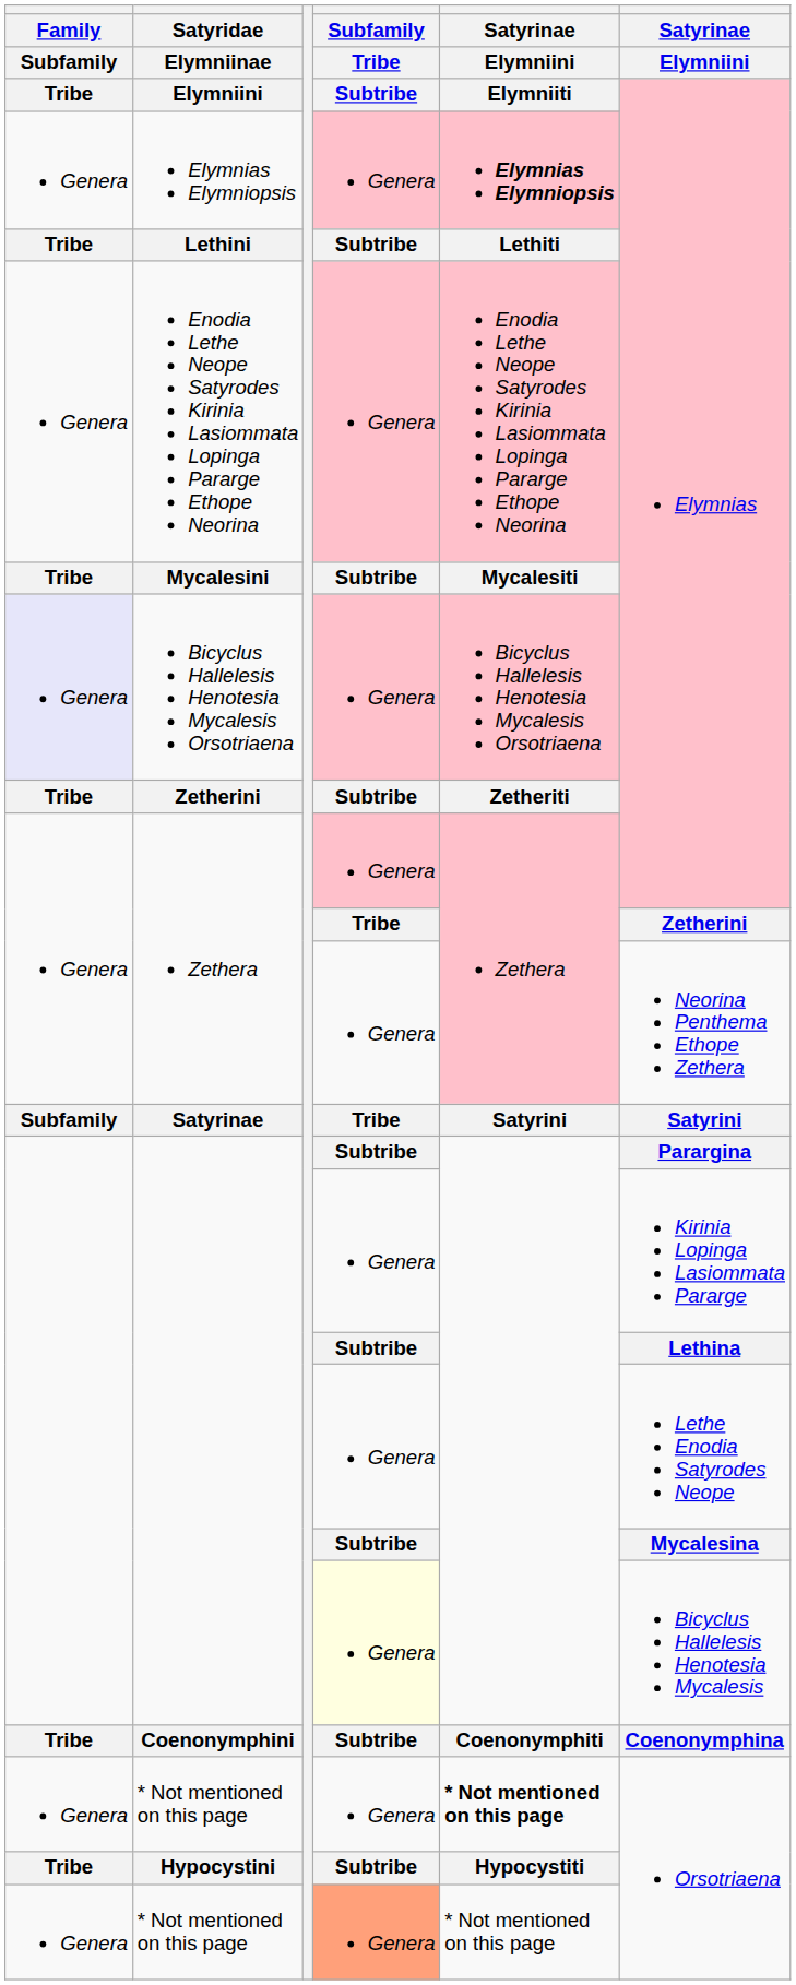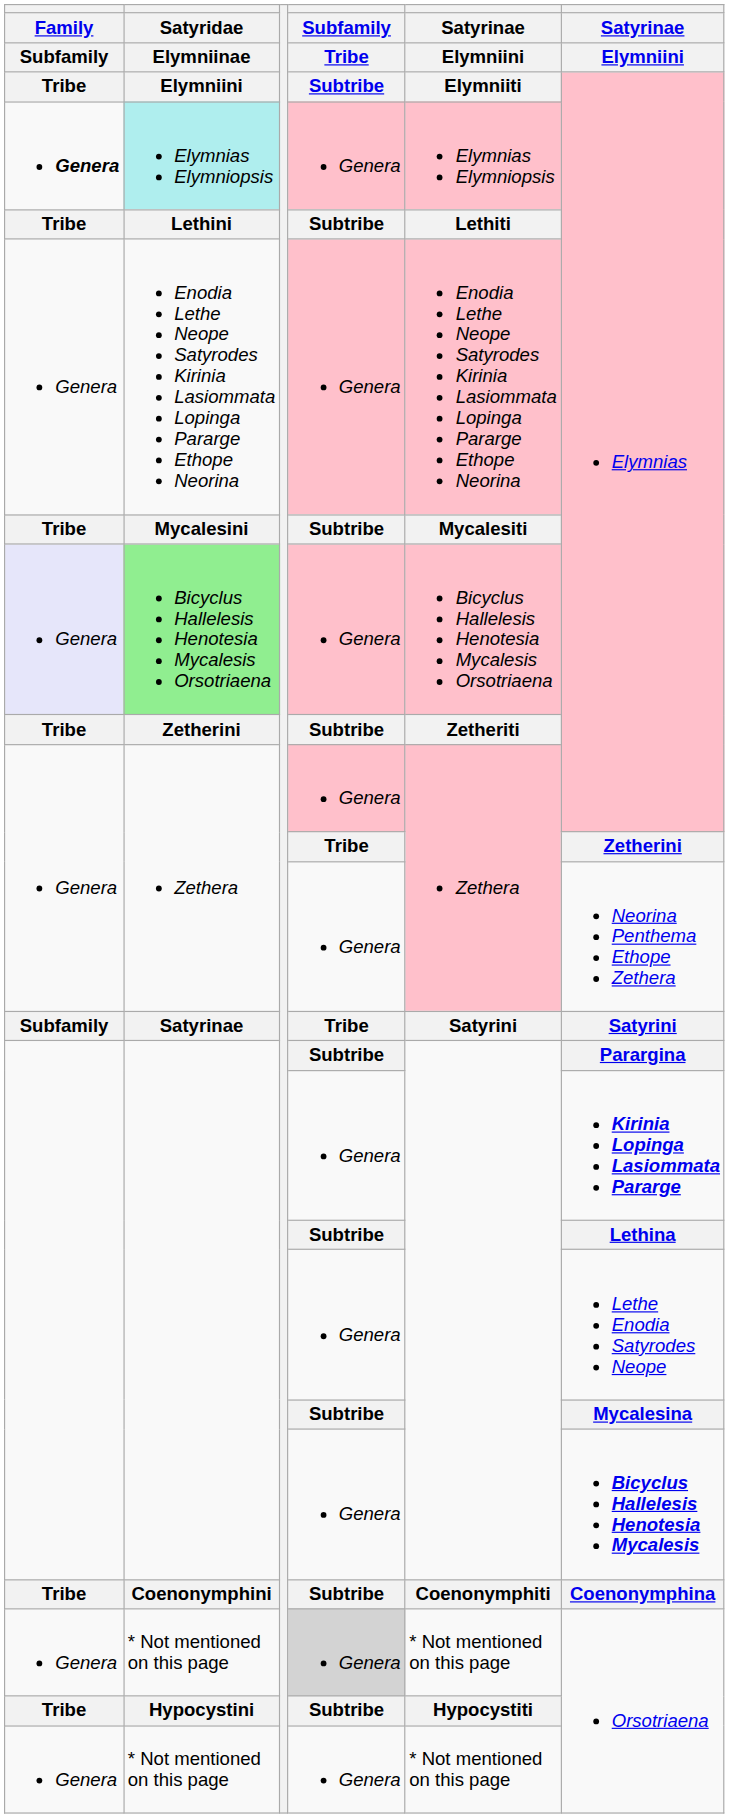 <table class = "wikitable mw-collapsible mw-collapsed" style = "width:77%">
 <tr>
 <th style="width:1%" style="background-color:#b0c4de"></th>
 <th ! style="width:24%" style="background-color:#b0c4de"></th>
 <th rowspan = "50" style="width:1%"></th>
 <th style="width:1%"style="background-color:#b0c4de"　></th>
 <th ! style="width:25%" style="background-color:#b0c4de"></th>
 <th ! style="width:25%" style="background-color:#b0c4de"></th>
 </tr>
 <tr>
 <th style="width:2%" style="background-color:#008b8b"><a href='#'>Family</a></th>
 <th ! style="width:25%" style="background-color:#008b8b">Satyridae</th>
 <th style="width:2%" style="background-color:#3cb371"><a href='#'>Subfamily</a></th>
 <th ! style="width:25%" style="background-color:#3cb371">Satyrinae</th>
 <th ! style="width:25%" style="background-color:#3cb371"><a href='#'>Satyrinae</a></th>
 </tr>
 <tr>
 <th style="width:2%" style="background-color:#3cb371">Subfamily</th>
 <th ! style="width:25%" style="background-color:#3cb371">Elymniinae</th>
 <th style="width:2%" style="background-color:#ff1493"><a href='#'>Tribe</a></th>
 <th ! style="width:25%" style="background-color:#ff1493">Elymniini</th>
 <th ! style="width:25%" style="background-color:#ff1493"><a href='#'>Elymniini</a></th>
 </tr>
 <tr>
 <th style="width:2%" style="background-color:#98fb98">Tribe</th>
 <th ! style="width:25%" style="background-color:#98fb98">Elymniini</th>
 <th style="width:2%" style="background-color:#ff69b4"><a href='#'>Subtribe</a></th>
 <th ! style="width:25%" style="background-color:#ff69b4">Elymniiti</th>
 <td rowspan="8" style="width:25%; background-color:#ffc0cb"><br><ul><li><em><a href='#'>Elymnias</a></em></li></ul></td>
 </tr>
 <tr>
-<td><br><ul><li><em>Genera</em></li></ul></td>
-<td><br><ul><li><em>Elymnias</em></li><li><em>Elymniopsis</em></li></ul></td>
+<td><strong><br><ul><li><em>Genera</em></li></ul></strong></td>
+<td style="background: paleturquoise;"><br><ul><li><em>Elymnias</em></li><li><em>Elymniopsis</em></li></ul></td>
 <td style="background-color:#ffc0cb"><br><ul><li><em>Genera</em></li></ul></td>
-<td style="background-color:#ffc0cb"><strong><br><ul><li><em>Elymnias</em></li><li><em>Elymniopsis</em></li></ul></strong></td>
+<td style="background-color:#ffc0cb"><br><ul><li><em>Elymnias</em></li><li><em>Elymniopsis</em></li></ul></td>
 </tr>
 <tr>
 <th style="width:2%" style="background-color:#98fb98">Tribe</th>
 <th ! style="width:25%" style="background-color:#98fb98">Lethini</th>
 <th style="width:2%" style="background-color:#ff69b4">Subtribe</th>
 <th ! style="width:25%" style="background-color:#ff69b4">Lethiti</th>
 </tr>
 <tr>
 <td><br><ul><li><em>Genera</em></li></ul></td>
 <td><br><ul><li><em>Enodia</em></li><li><em>Lethe</em></li><li><em>Neope</em></li><li><em>Satyrodes</em></li><li><em>Kirinia</em></li><li><em>Lasiommata</em></li><li><em>Lopinga</em></li><li><em>Pararge</em></li><li><em>Ethope</em></li><li><em>Neorina</em></li></ul></td>
 <td style="background-color:#ffc0cb"><br><ul><li><em>Genera</em></li></ul></td>
 <td style="background-color:#ffc0cb"><br><ul><li><em>Enodia</em></li><li><em>Lethe</em></li><li><em>Neope</em></li><li><em>Satyrodes</em></li><li><em>Kirinia</em></li><li><em>Lasiommata</em></li><li><em>Lopinga</em></li><li><em>Pararge</em></li><li><em>Ethope</em></li><li><em>Neorina</em></li></ul></td>
 </tr>
 <tr>
 <th style="width:2%" style="background-color:#98fb98">Tribe</th>
 <th ! style="width:25%" style="background-color:#98fb98">Mycalesini</th>
 <th style="width:2%" style="background-color:#ff69b4">Subtribe</th>
 <th ! style="width:25%" style="background-color:#ff69b4">Mycalesiti</th>
 </tr>
 <tr>
 <td style="background: lavender;"><br><ul><li><em>Genera</em></li></ul></td>
-<td><br><ul><li><em>Bicyclus</em></li><li><em>Hallelesis</em></li><li><em>Henotesia</em></li><li><em>Mycalesis</em></li><li><em>Orsotriaena</em></li></ul></td>
+<td style="background: lightgreen;"><br><ul><li><em>Bicyclus</em></li><li><em>Hallelesis</em></li><li><em>Henotesia</em></li><li><em>Mycalesis</em></li><li><em>Orsotriaena</em></li></ul></td>
 <td style="background-color:#ffc0cb"><br><ul><li><em>Genera</em></li></ul></td>
 <td style="background-color:#ffc0cb"><br><ul><li><em>Bicyclus</em></li><li><em>Hallelesis</em></li><li><em>Henotesia</em></li><li><em>Mycalesis</em></li><li><em>Orsotriaena</em></li></ul></td>
 </tr>
 <tr>
 <th style="width:2%" style="background-color:#98fb98">Tribe</th>
 <th ! style="width:25%" style="background-color:#98fb98">Zetherini</th>
 <th style="width:2%" style="background-color:#ff69b4">Subtribe</th>
 <th ! style="width:25%" style="background-color:#ff69b4">Zetheriti</th>
 </tr>
 <tr>
 <td rowspan="3"><br><ul><li><em>Genera</em></li></ul></td>
 <td rowspan="3"><br><ul><li><em>Zethera</em></li></ul></td>
 <td style="background-color:#ffc0cb"><br><ul><li><em>Genera</em></li></ul></td>
 <td rowspan="3" style="background-color:#ffc0cb"><br><ul><li><em>Zethera</em></li></ul></td>
 </tr>
 <tr>
 <th style="width:2%" style="background-color:#98fb98">Tribe</th>
 <th ! style="width:25%" style="background-color:#98fb98"><a href='#'>Zetherini</a></th>
 </tr>
 <tr>
 <td><br><ul><li><em>Genera</em></li></ul></td>
 <td><br><ul><li><em><a href='#'>Neorina</a></em></li><li><em><a href='#'>Penthema</a></em></li><li><em><a href='#'>Ethope</a></em></li><li><em><a href='#'>Zethera</a></em></li></ul></td>
 </tr>
 <tr>
 <th style="width:2%" style="background-color:#3cb371">Subfamily</th>
 <th ! style="width:25%" style="background-color:#3cb371">Satyrinae</th>
 <th style="width:2%" style="background-color:#98fb98">Tribe</th>
 <th ! style="width:25%" style="background-color:#98fb98">Satyrini</th>
 <th ! style="width:25%" style="background-color:#98fb98"><a href='#'>Satyrini</a></th>
 </tr>
 <tr>
 <td rowspan="6"></td>
 <td rowspan="6"></td>
 <th style="width:2%" style="background-color:#7fffd4">Subtribe</th>
 <td rowspan="6"></td>
 <th ! style="width:25%" style="background-color:#7fffd4"><a href='#'>Parargina</a></th>
 </tr>
 <tr>
 <td><br><ul><li><em>Genera</em></li></ul></td>
-<td><br><ul><li><em><a href='#'>Kirinia</a></em></li><li><em><a href='#'>Lopinga</a></em></li><li><em><a href='#'>Lasiommata</a></em></li><li><em><a href='#'>Pararge</a></em></li></ul></td>
+<td><strong><br><ul><li><em><a href='#'>Kirinia</a></em></li><li><em><a href='#'>Lopinga</a></em></li><li><em><a href='#'>Lasiommata</a></em></li><li><em><a href='#'>Pararge</a></em></li></ul></strong></td>
 </tr>
 <tr>
 <th style="width:2%" style="background-color:#7fffd4">Subtribe</th>
 <th ! style="width:25%" style="background-color:#7fffd4"><a href='#'>Lethina</a></th>
 </tr>
 <tr>
 <td><br><ul><li><em>Genera</em></li></ul></td>
 <td><br><ul><li><em><a href='#'>Lethe</a></em></li><li><em><a href='#'>Enodia</a></em></li><li><em><a href='#'>Satyrodes</a></em></li><li><em><a href='#'>Neope</a></em></li></ul></td>
 </tr>
 <tr>
 <th style="width:2%" style="background-color:#7fffd4">Subtribe</th>
 <th ! style="width:25%" style="background-color:#7fffd4"><a href='#'>Mycalesina</a></th>
 </tr>
 <tr>
-<td style="background: lightyellow;"><br><ul><li><em>Genera</em></li></ul></td>
-<td><br><ul><li><em><a href='#'>Bicyclus</a></em></li><li><em><a href='#'>Hallelesis</a></em></li><li><em><a href='#'>Henotesia</a></em></li><li><em><a href='#'>Mycalesis</a></em></li></ul></td>
+<td><br><ul><li><em>Genera</em></li></ul></td>
+<td><strong><br><ul><li><em><a href='#'>Bicyclus</a></em></li><li><em><a href='#'>Hallelesis</a></em></li><li><em><a href='#'>Henotesia</a></em></li><li><em><a href='#'>Mycalesis</a></em></li></ul></strong></td>
 </tr>
 <tr>
 <th style="width:2%" style="background-color:#98fb98">Tribe</th>
 <th ! style="width:25%" style="background-color:#98fb98">Coenonymphini</th>
 <th style="width:2%" style="background-color:#7fffd4">Subtribe</th>
 <th ! style="width:25%" style="background-color:#7fffd4">Coenonymphiti</th>
 <th ! style="width:25%" style="background-color:#7fffd4"><a href='#'>Coenonymphina</a></th>
 </tr>
 <tr>
 <td><br><ul><li><em>Genera</em></li></ul></td>
 <td>* Not mentioned on this page</td>
-<td><br><ul><li><em>Genera</em></li></ul></td>
-<td><strong>* Not mentioned on this page</strong></td>
+<td style="background: lightgrey;"><br><ul><li><em>Genera</em></li></ul></td>
+<td>* Not mentioned on this page</td>
 <td rowspan = "3"><br><ul><li><em><a href='#'>Orsotriaena</a></em></li></ul></td>
 </tr>
 <tr>
 <th style="width:2%" style="background-color:#98fb98">Tribe</th>
 <th ! style="width:25%" style="background-color:#98fb98">Hypocystini</th>
 <th style="width:2%" style="background-color:#7fffd4">Subtribe</th>
 <th ! style="width:25%" style="background-color:#7fffd4">Hypocystiti</th>
 </tr>
 <tr>
 <td><br><ul><li><em>Genera</em></li></ul></td>
 <td>* Not mentioned on this page</td>
-<td style="background: lightsalmon;"><br><ul><li><em>Genera</em></li></ul></td>
+<td><br><ul><li><em>Genera</em></li></ul></td>
 <td>* Not mentioned on this page</td>
 </tr>
 </table>
